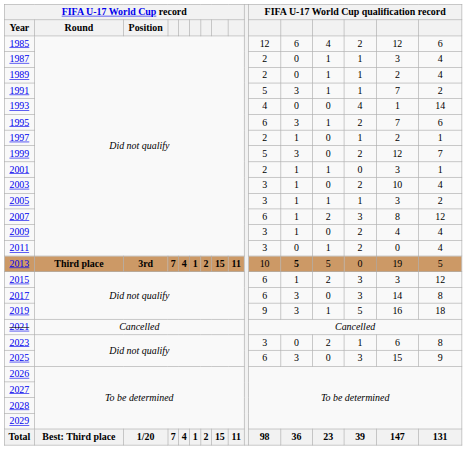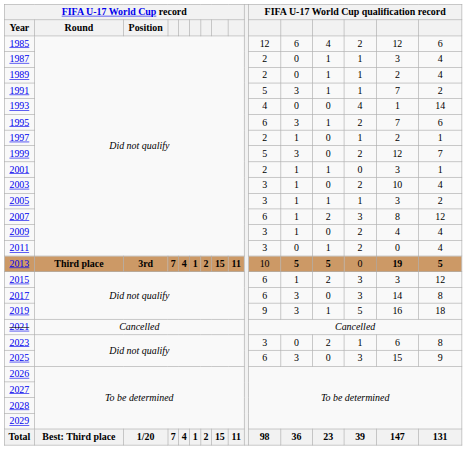 <table class="wikitable" style="text-align: center;">
 <tr>
 <th colspan=9><a href='#'>FIFA U-17 World Cup</a> record</th>
 <th width=1% rowspan=28></th>
 <th colspan=6>FIFA U-17 World Cup qualification record</th>
 </tr>
 <tr>
 <th>Year</th>
 <th>Round</th>
 <th>Position</th>
 <th></th>
 <th></th>
 <th></th>
 <th></th>
 <th></th>
 <th></th>
 <th></th>
 <th></th>
 <th></th>
 <th></th>
 <th></th>
 <th></th>
 </tr>
 <tr>
 <td> <a href='#'>1985</a></td>
 <td colspan=8 rowspan=14><em>Did not qualify</em></td>
 <td>12</td>
 <td>6</td>
 <td>4</td>
 <td>2</td>
 <td>12</td>
 <td>6</td>
 </tr>
 <tr>
 <td> <a href='#'>1987</a></td>
 <td>2</td>
 <td>0</td>
 <td>1</td>
 <td>1</td>
 <td>3</td>
 <td>4</td>
 </tr>
 <tr>
 <td> <a href='#'>1989</a></td>
 <td>2</td>
 <td>0</td>
 <td>1</td>
 <td>1</td>
 <td>2</td>
 <td>4</td>
 </tr>
 <tr>
 <td> <a href='#'>1991</a></td>
 <td>5</td>
 <td>3</td>
 <td>1</td>
 <td>1</td>
 <td>7</td>
 <td>2</td>
 </tr>
 <tr>
 <td> <a href='#'>1993</a></td>
 <td>4</td>
 <td>0</td>
 <td>0</td>
 <td>4</td>
 <td>1</td>
 <td>14</td>
 </tr>
 <tr>
 <td> <a href='#'>1995</a></td>
 <td>6</td>
 <td>3</td>
 <td>1</td>
 <td>2</td>
 <td>7</td>
 <td>6</td>
 </tr>
 <tr>
 <td> <a href='#'>1997</a></td>
 <td>2</td>
 <td>1</td>
 <td>0</td>
 <td>1</td>
 <td>2</td>
 <td>1</td>
 </tr>
 <tr>
 <td> <a href='#'>1999</a></td>
 <td>5</td>
 <td>3</td>
 <td>0</td>
 <td>2</td>
 <td>12</td>
 <td>7</td>
 </tr>
 <tr>
 <td> <a href='#'>2001</a></td>
 <td>2</td>
 <td>1</td>
 <td>1</td>
 <td>0</td>
 <td>3</td>
 <td>1</td>
 </tr>
 <tr>
 <td> <a href='#'>2003</a></td>
 <td>3</td>
 <td>1</td>
 <td>0</td>
 <td>2</td>
 <td>10</td>
 <td>4</td>
 </tr>
 <tr>
 <td> <a href='#'>2005</a></td>
 <td>3</td>
 <td>1</td>
 <td>1</td>
 <td>1</td>
 <td>3</td>
 <td>2</td>
 </tr>
 <tr>
 <td> <a href='#'>2007</a></td>
 <td>6</td>
 <td>1</td>
 <td>2</td>
 <td>3</td>
 <td>8</td>
 <td>12</td>
 </tr>
 <tr>
 <td> <a href='#'>2009</a></td>
 <td>3</td>
 <td>1</td>
 <td>0</td>
 <td>2</td>
 <td>4</td>
 <td>4</td>
 </tr>
 <tr>
 <td> <a href='#'>2011</a></td>
 <td>3</td>
 <td>0</td>
 <td>1</td>
 <td>2</td>
 <td>0</td>
 <td>4</td>
 </tr>
 <tr bgcolor="#cc9966">
 <td> <a href='#'>2013</a></td>
 <td><strong>Third place</strong></td>
 <td><strong>3rd</strong></td>
 <td><strong>7</strong></td>
 <td><strong>4</strong></td>
 <td><strong>1</strong></td>
 <td><strong>2</strong></td>
 <td><strong>15</strong></td>
 <td><strong>11</strong></td>
 <td>10</td>
 <td><strong>5</strong></td>
-<td>5</td>
+<td><strong>5</strong></td>
 <td>0</td>
-<td>19</td>
-<td>5</td>
+<td><strong>19</strong></td>
+<td><strong>5</strong></td>
 </tr>
 <tr>
 <td> <a href='#'>2015</a></td>
 <td rowspan=3 colspan=8><em>Did not qualify</em></td>
 <td>6</td>
 <td>1</td>
 <td>2</td>
 <td>3</td>
 <td>3</td>
 <td>12</td>
 </tr>
 <tr>
 <td> <a href='#'>2017</a></td>
 <td>6</td>
 <td>3</td>
 <td>0</td>
 <td>3</td>
 <td>14</td>
 <td>8</td>
 </tr>
 <tr>
 <td> <a href='#'>2019</a></td>
 <td>9</td>
 <td>3</td>
 <td>1</td>
 <td>5</td>
 <td>16</td>
 <td>18</td>
 </tr>
 <tr>
 <td> <s><a href='#'>2021</a></s></td>
 <td colspan=8><em>Cancelled</em></td>
 <td colspan=6><em>Cancelled</em></td>
 </tr>
 <tr>
 <td> <a href='#'>2023</a></td>
 <td rowspan=2 colspan=8><em>Did not qualify</em></td>
 <td>3</td>
 <td>0</td>
 <td>2</td>
 <td>1</td>
 <td>6</td>
 <td>8</td>
 </tr>
 <tr>
 <td> <a href='#'>2025</a></td>
 <td>6</td>
 <td>3</td>
 <td>0</td>
 <td>3</td>
 <td>15</td>
 <td>9</td>
 </tr>
 <tr>
 <td> <a href='#'>2026</a></td>
 <td rowspan=4 colspan=8><em>To be determined</em></td>
 <td rowspan=4 colspan=6><em>To be determined</em></td>
 </tr>
 <tr>
 <td> <a href='#'>2027</a></td>
 </tr>
 <tr>
 <td> <a href='#'>2028</a></td>
 </tr>
 <tr>
 <td> <a href='#'>2029</a></td>
 </tr>
 <tr>
 <th>Total</th>
 <th>Best: Third place</th>
 <th>1/20</th>
 <th>7</th>
 <th>4</th>
 <th>1</th>
 <th>2</th>
 <th>15</th>
 <th>11</th>
 <th>98</th>
 <th>36</th>
 <th>23</th>
 <th>39</th>
 <th>147</th>
 <th>131</th>
 </tr>
 </table>
